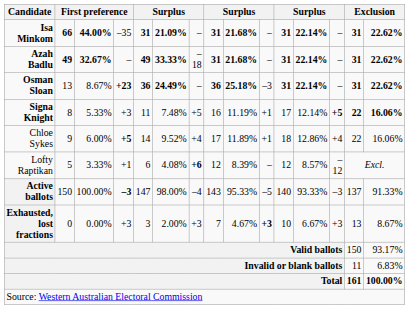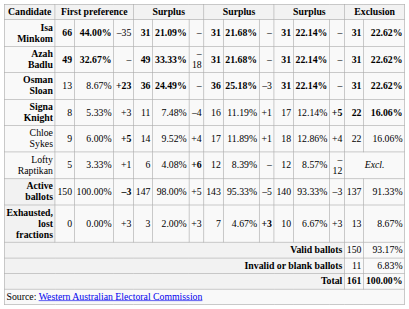 <table class=wikitable style=text-align:right>
 <tr>
 <th>Candidate</th>
 <th colspan=3>First preference</th>
 <th colspan=3>Surplus</th>
 <th colspan=3>Surplus</th>
 <th colspan=3>Surplus</th>
 <th colspan=2>Exclusion</th>
 </tr>
 <tr>
 <td><strong>Isa Minkom</strong></td>
 <td><strong>66</strong></td>
 <td><strong>44.00%</strong></td>
 <td>–35</td>
 <td><strong>31</strong></td>
 <td><strong>21.09%</strong></td>
 <td>–</td>
 <td><strong>31</strong></td>
 <td><strong>21.68%</strong></td>
 <td>–</td>
 <td><strong>31</strong></td>
 <td><strong>22.14%</strong></td>
 <td>–</td>
 <td><strong>31</strong></td>
 <td><strong>22.62%</strong></td>
 </tr>
 <tr>
 <td><strong>Azah Badlu</strong></td>
 <td><strong>49</strong></td>
 <td><strong>32.67%</strong></td>
 <td>–</td>
 <td><strong>49</strong></td>
 <td><strong>33.33%</strong></td>
 <td>–18</td>
 <td><strong>31</strong></td>
 <td><strong>21.68%</strong></td>
 <td>–</td>
 <td><strong>31</strong></td>
 <td><strong>22.14%</strong></td>
 <td>–</td>
 <td><strong>31</strong></td>
 <td><strong>22.62%</strong></td>
 </tr>
 <tr>
 <td><strong>Osman Sloan</strong></td>
 <td>13</td>
 <td>8.67%</td>
 <td><strong>+23</strong></td>
 <td><strong>36</strong></td>
 <td><strong>24.49%</strong></td>
 <td>–</td>
 <td><strong>36</strong></td>
 <td><strong>25.18%</strong></td>
 <td>–3</td>
 <td><strong>31</strong></td>
 <td><strong>22.14%</strong></td>
 <td>–</td>
 <td><strong>31</strong></td>
 <td><strong>22.62%</strong></td>
 </tr>
 <tr>
 <td><strong>Signa Knight</strong></td>
 <td>8</td>
 <td>5.33%</td>
 <td>+3</td>
 <td>11</td>
 <td>7.48%</td>
-<td>+5</td>
+<td>–4</td>
 <td>16</td>
 <td>11.19%</td>
 <td>+1</td>
 <td>17</td>
 <td>12.14%</td>
 <td><strong>+5</strong></td>
 <td><strong>22</strong></td>
 <td><strong>16.06%</strong></td>
 </tr>
 <tr>
 <td>Chloe Sykes</td>
 <td>9</td>
 <td>6.00%</td>
 <td><strong>+5</strong></td>
 <td>14</td>
 <td>9.52%</td>
 <td>+4</td>
 <td>17</td>
 <td>11.89%</td>
 <td>+1</td>
 <td>18</td>
 <td>12.86%</td>
 <td>+4</td>
 <td>22</td>
 <td>16.06%</td>
 </tr>
 <tr>
 <td>Lofty Raptikan</td>
 <td>5</td>
 <td>3.33%</td>
 <td>+1</td>
 <td>6</td>
 <td>4.08%</td>
 <td><strong>+6</strong></td>
 <td>12</td>
 <td>8.39%</td>
 <td>–</td>
 <td>12</td>
 <td>8.57%</td>
 <td>–12</td>
 <td colspan=2 style=text-align:center><em>Excl.</em></td>
 </tr>
 <tr>
 <th style=text-align:right>Active ballots</th>
 <td>150</td>
 <td>100.00%</td>
 <td><strong>–3</strong></td>
 <td>147</td>
 <td>98.00%</td>
-<td>–4</td>
+<td>+5</td>
 <td>143</td>
 <td>95.33%</td>
 <td>–5</td>
 <td>140</td>
 <td>93.33%</td>
 <td>–3</td>
 <td>137</td>
 <td>91.33%</td>
 </tr>
 <tr>
 <th style=text-align:right>Exhausted, lost fractions</th>
 <td>0</td>
 <td>0.00%</td>
 <td>+3</td>
 <td>3</td>
 <td>2.00%</td>
 <td>+3</td>
 <td>7</td>
 <td>4.67%</td>
 <td><strong>+3</strong></td>
 <td>10</td>
 <td>6.67%</td>
 <td>+3</td>
 <td>13</td>
 <td>8.67%</td>
 </tr>
 <tr>
 <th style=text-align:right colspan=13>Valid ballots</th>
 <td>150</td>
 <td>93.17%</td>
 </tr>
 <tr>
 <th style=text-align:right colspan=13>Invalid or blank ballots</th>
 <td>11</td>
 <td>6.83%</td>
 </tr>
 <tr>
 <th style=text-align:right colspan=13>Total</th>
 <td><strong>161</strong></td>
 <td><strong>100.00%</strong></td>
 </tr>
 <tr>
 <td align=left colspan=15>Source: <a href='#'>Western Australian Electoral Commission</a></td>
 </tr>
 </table>
